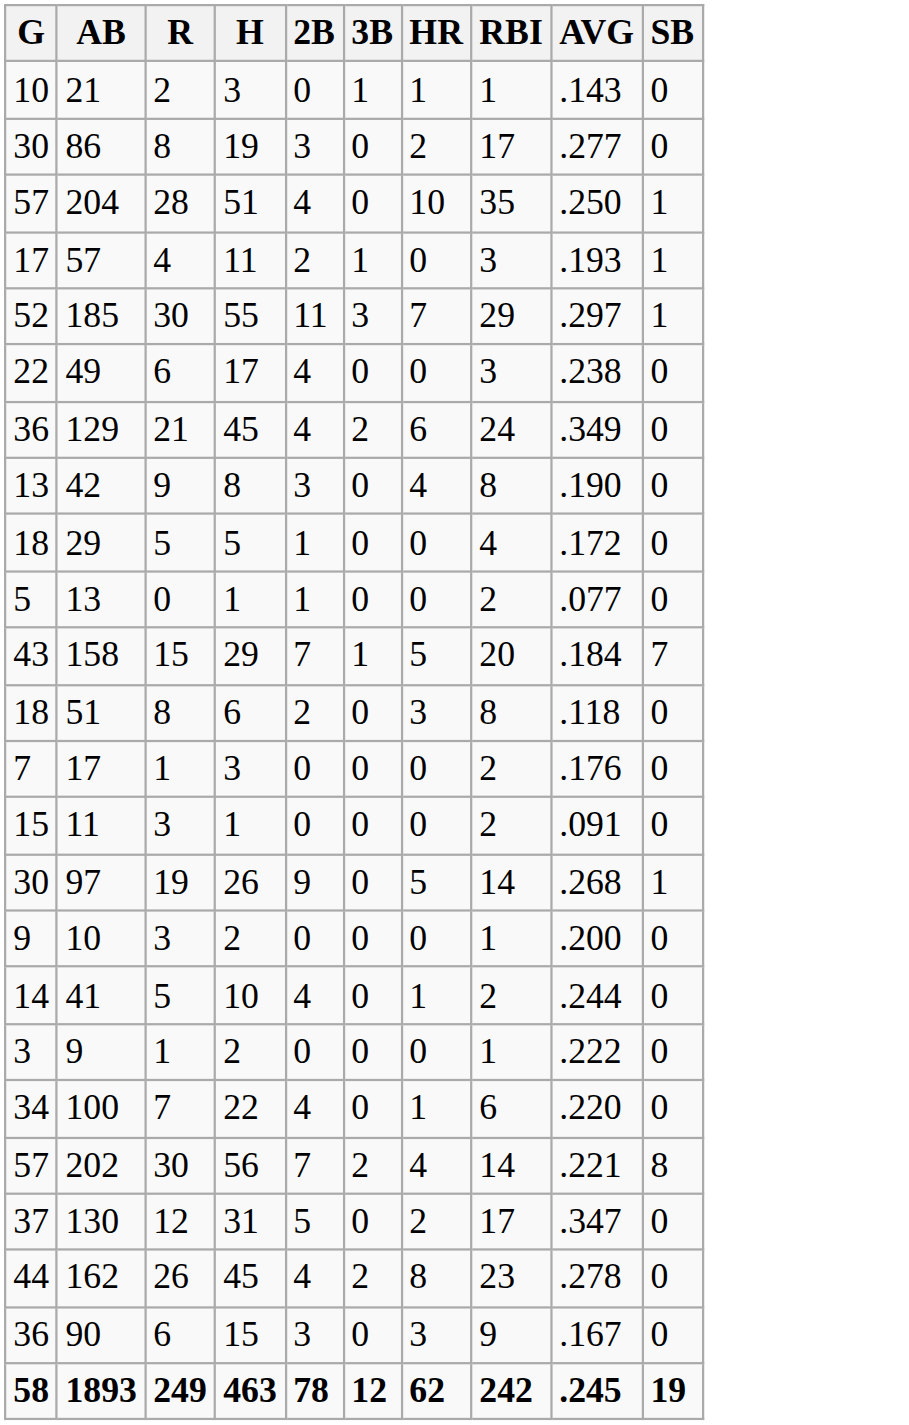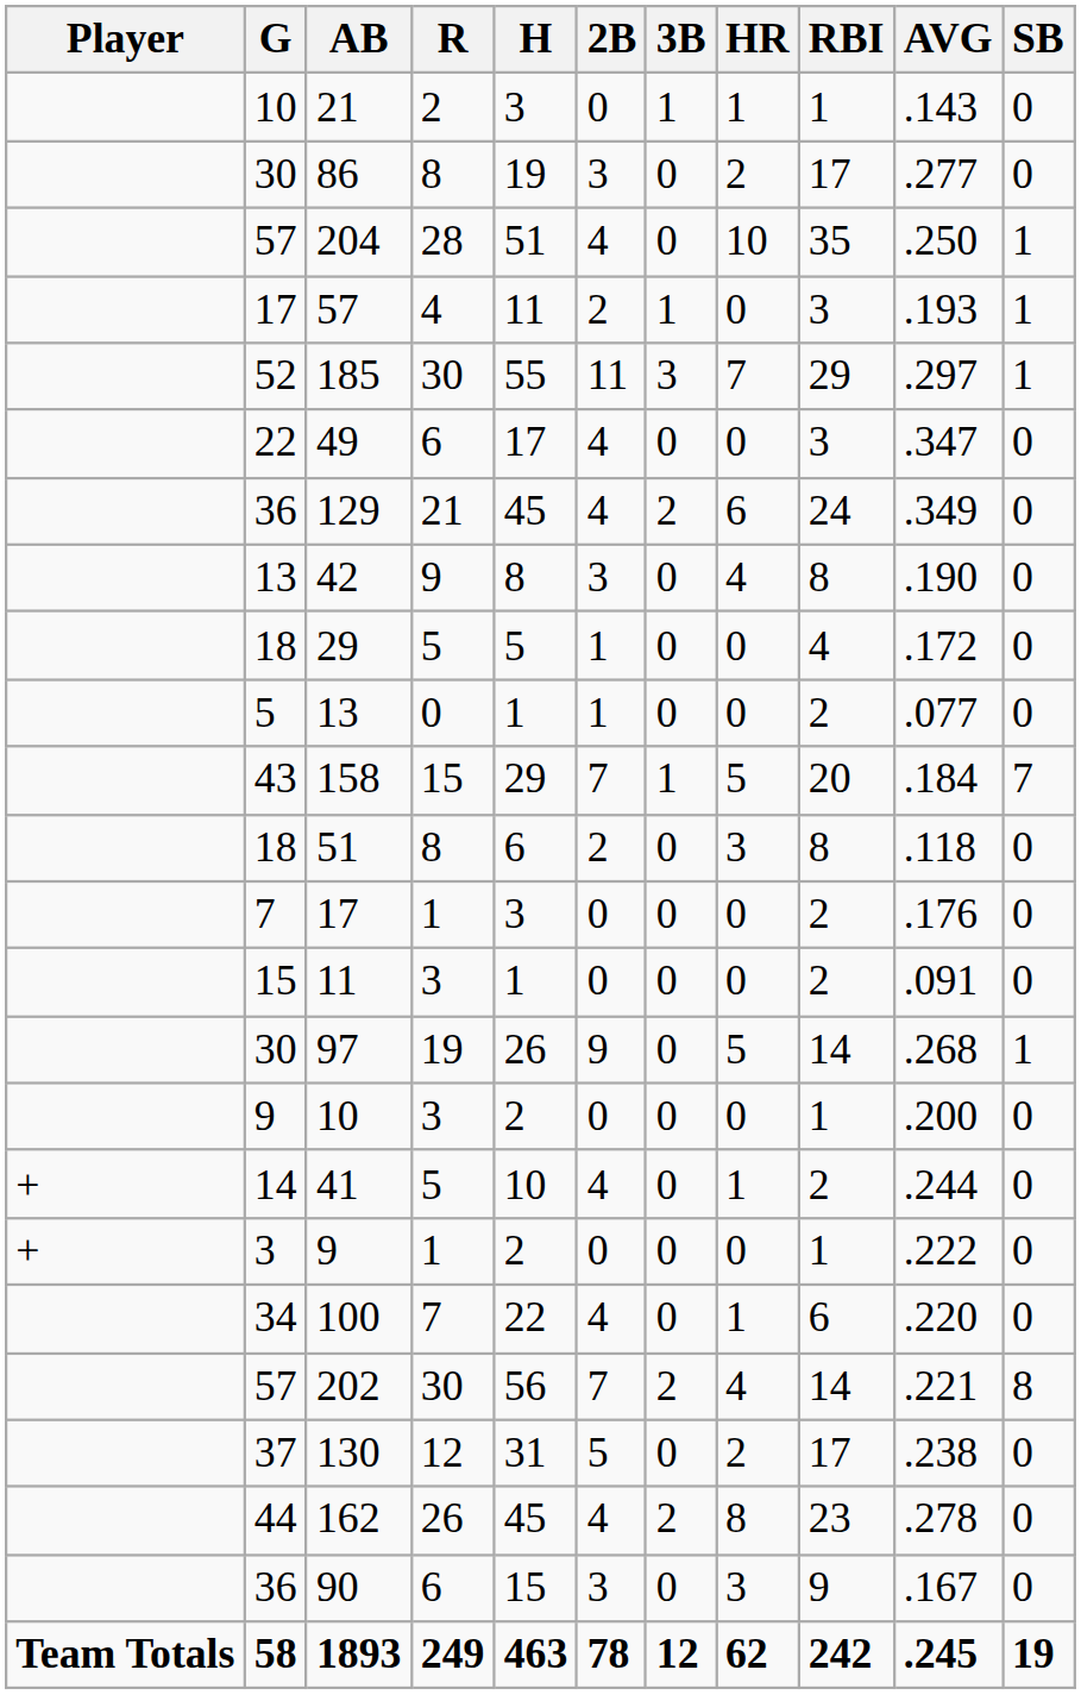 <table class="wikitable sortable">
 <tr>
+<th>Player</th>
 <th>G</th>
 <th>AB</th>
 <th>R</th>
 <th>H</th>
 <th>2B</th>
 <th>3B</th>
 <th>HR</th>
 <th>RBI</th>
 <th>AVG</th>
 <th>SB</th>
 </tr>
 <tr>
+<td align=left></td>
 <td>10</td>
 <td>21</td>
 <td>2</td>
 <td>3</td>
 <td>0</td>
 <td>1</td>
 <td>1</td>
 <td>1</td>
 <td>.143</td>
 <td>0</td>
 </tr>
 <tr>
+<td align=left></td>
 <td>30</td>
 <td>86</td>
 <td>8</td>
 <td>19</td>
 <td>3</td>
 <td>0</td>
 <td>2</td>
 <td>17</td>
 <td>.277</td>
 <td>0</td>
 </tr>
 <tr>
+<td align=left></td>
 <td>57</td>
 <td>204</td>
 <td>28</td>
 <td>51</td>
 <td>4</td>
 <td>0</td>
 <td>10</td>
 <td>35</td>
 <td>.250</td>
 <td>1</td>
 </tr>
 <tr>
+<td align=left></td>
 <td>17</td>
 <td>57</td>
 <td>4</td>
 <td>11</td>
 <td>2</td>
 <td>1</td>
 <td>0</td>
 <td>3</td>
 <td>.193</td>
 <td>1</td>
 </tr>
 <tr>
+<td align=left></td>
 <td>52</td>
 <td>185</td>
 <td>30</td>
 <td>55</td>
 <td>11</td>
 <td>3</td>
 <td>7</td>
 <td>29</td>
 <td>.297</td>
 <td>1</td>
 </tr>
 <tr>
+<td align=left></td>
 <td>22</td>
 <td>49</td>
 <td>6</td>
 <td>17</td>
 <td>4</td>
 <td>0</td>
 <td>0</td>
 <td>3</td>
-<td>.238</td>
+<td>.347</td>
 <td>0</td>
 </tr>
 <tr>
+<td align=left></td>
 <td>36</td>
 <td>129</td>
 <td>21</td>
 <td>45</td>
 <td>4</td>
 <td>2</td>
 <td>6</td>
 <td>24</td>
 <td>.349</td>
 <td>0</td>
 </tr>
 <tr>
+<td align=left></td>
 <td>13</td>
 <td>42</td>
 <td>9</td>
 <td>8</td>
 <td>3</td>
 <td>0</td>
 <td>4</td>
 <td>8</td>
 <td>.190</td>
 <td>0</td>
 </tr>
 <tr>
+<td align=left></td>
 <td>18</td>
 <td>29</td>
 <td>5</td>
 <td>5</td>
 <td>1</td>
 <td>0</td>
 <td>0</td>
 <td>4</td>
 <td>.172</td>
 <td>0</td>
 </tr>
 <tr>
+<td align=left></td>
 <td>5</td>
 <td>13</td>
 <td>0</td>
 <td>1</td>
 <td>1</td>
 <td>0</td>
 <td>0</td>
 <td>2</td>
 <td>.077</td>
 <td>0</td>
 </tr>
 <tr>
+<td align=left></td>
 <td>43</td>
 <td>158</td>
 <td>15</td>
 <td>29</td>
 <td>7</td>
 <td>1</td>
 <td>5</td>
 <td>20</td>
 <td>.184</td>
 <td>7</td>
 </tr>
 <tr>
+<td align=left></td>
 <td>18</td>
 <td>51</td>
 <td>8</td>
 <td>6</td>
 <td>2</td>
 <td>0</td>
 <td>3</td>
 <td>8</td>
 <td>.118</td>
 <td>0</td>
 </tr>
 <tr>
+<td align=left></td>
 <td>7</td>
 <td>17</td>
 <td>1</td>
 <td>3</td>
 <td>0</td>
 <td>0</td>
 <td>0</td>
 <td>2</td>
 <td>.176</td>
 <td>0</td>
 </tr>
 <tr>
+<td align=left></td>
 <td>15</td>
 <td>11</td>
 <td>3</td>
 <td>1</td>
 <td>0</td>
 <td>0</td>
 <td>0</td>
 <td>2</td>
 <td>.091</td>
 <td>0</td>
 </tr>
 <tr>
+<td align=left></td>
 <td>30</td>
 <td>97</td>
 <td>19</td>
 <td>26</td>
 <td>9</td>
 <td>0</td>
 <td>5</td>
 <td>14</td>
 <td>.268</td>
 <td>1</td>
 </tr>
 <tr>
+<td align=left></td>
 <td>9</td>
 <td>10</td>
 <td>3</td>
 <td>2</td>
 <td>0</td>
 <td>0</td>
 <td>0</td>
 <td>1</td>
 <td>.200</td>
 <td>0</td>
 </tr>
 <tr>
+<td align=left>+</td>
 <td>14</td>
 <td>41</td>
 <td>5</td>
 <td>10</td>
 <td>4</td>
 <td>0</td>
 <td>1</td>
 <td>2</td>
 <td>.244</td>
 <td>0</td>
 </tr>
 <tr>
+<td align=left>+</td>
 <td>3</td>
 <td>9</td>
 <td>1</td>
 <td>2</td>
 <td>0</td>
 <td>0</td>
 <td>0</td>
 <td>1</td>
 <td>.222</td>
 <td>0</td>
 </tr>
 <tr>
+<td align=left></td>
 <td>34</td>
 <td>100</td>
 <td>7</td>
 <td>22</td>
 <td>4</td>
 <td>0</td>
 <td>1</td>
 <td>6</td>
 <td>.220</td>
 <td>0</td>
 </tr>
 <tr>
+<td align=left></td>
 <td>57</td>
 <td>202</td>
 <td>30</td>
 <td>56</td>
 <td>7</td>
 <td>2</td>
 <td>4</td>
 <td>14</td>
 <td>.221</td>
 <td>8</td>
 </tr>
 <tr>
+<td align=left></td>
 <td>37</td>
 <td>130</td>
 <td>12</td>
 <td>31</td>
 <td>5</td>
 <td>0</td>
 <td>2</td>
 <td>17</td>
-<td>.347</td>
+<td>.238</td>
 <td>0</td>
 </tr>
 <tr>
+<td align=left></td>
 <td>44</td>
 <td>162</td>
 <td>26</td>
 <td>45</td>
 <td>4</td>
 <td>2</td>
 <td>8</td>
 <td>23</td>
 <td>.278</td>
 <td>0</td>
 </tr>
 <tr>
+<td align=left></td>
 <td>36</td>
 <td>90</td>
 <td>6</td>
 <td>15</td>
 <td>3</td>
 <td>0</td>
 <td>3</td>
 <td>9</td>
 <td>.167</td>
 <td>0</td>
 </tr>
 <tr>
+<td align=left><strong>Team Totals</strong></td>
 <td><strong>58</strong></td>
 <td><strong>1893</strong></td>
 <td><strong>249</strong></td>
 <td><strong>463</strong></td>
 <td><strong>78</strong></td>
 <td><strong>12</strong></td>
 <td><strong>62</strong></td>
 <td><strong>242</strong></td>
 <td><strong>.245</strong></td>
 <td><strong>19</strong></td>
 </tr>
 </table>
